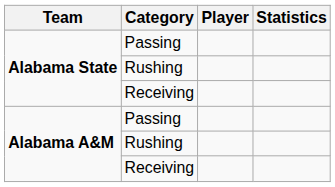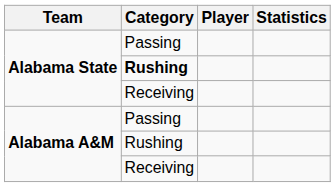 <table class="wikitable" style="float: left;">
 <tr>
 <th>Team</th>
 <th>Category</th>
 <th>Player</th>
 <th>Statistics</th>
 </tr>
 <tr>
 <td rowspan=3><strong>Alabama State</strong></td>
 <td>Passing</td>
 <td> </td>
 <td> </td>
 </tr>
 <tr>
-<td>Rushing</td>
+<td><strong>Rushing</strong></td>
 <td> </td>
 <td> </td>
 </tr>
 <tr>
 <td>Receiving</td>
 <td> </td>
 <td> </td>
 </tr>
 <tr>
 <td rowspan=3><strong>Alabama A&M</strong></td>
 <td>Passing</td>
 <td> </td>
 <td> </td>
 </tr>
 <tr>
 <td>Rushing</td>
 <td> </td>
 <td> </td>
 </tr>
 <tr>
 <td>Receiving</td>
 <td> </td>
 <td> </td>
 </tr>
 </table>
